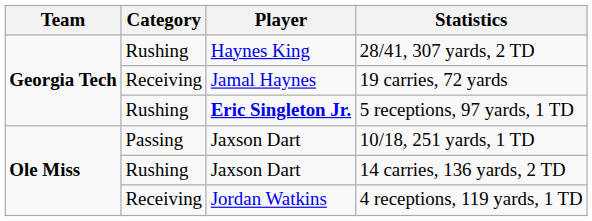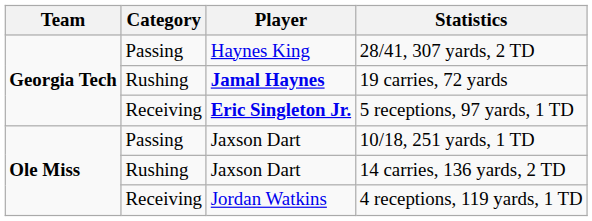 <table class="wikitable" style="float: right;">
 <tr>
 <th>Team</th>
 <th>Category</th>
 <th>Player</th>
 <th>Statistics</th>
 </tr>
 <tr>
 <td rowspan=3><strong>Georgia Tech</strong></td>
-<td>Rushing</td>
+<td>Passing</td>
 <td><a href='#'>Haynes King</a></td>
 <td>28/41, 307 yards, 2 TD</td>
 </tr>
 <tr>
-<td>Receiving</td>
-<td><a href='#'>Jamal Haynes</a></td>
+<td>Rushing</td>
+<td><strong><a href='#'>Jamal Haynes</a></strong></td>
 <td>19 carries, 72 yards</td>
 </tr>
 <tr>
-<td>Rushing</td>
+<td>Receiving</td>
 <td><strong><a href='#'>Eric Singleton Jr.</a></strong></td>
 <td>5 receptions, 97 yards, 1 TD</td>
 </tr>
 <tr>
 <td rowspan=3><strong>Ole Miss</strong></td>
 <td>Passing</td>
 <td>Jaxson Dart</td>
 <td>10/18, 251 yards, 1 TD</td>
 </tr>
 <tr>
 <td>Rushing</td>
 <td>Jaxson Dart</td>
 <td>14 carries, 136 yards, 2 TD</td>
 </tr>
 <tr>
 <td>Receiving</td>
 <td><a href='#'>Jordan Watkins</a></td>
 <td>4 receptions, 119 yards, 1 TD</td>
 </tr>
 </table>
